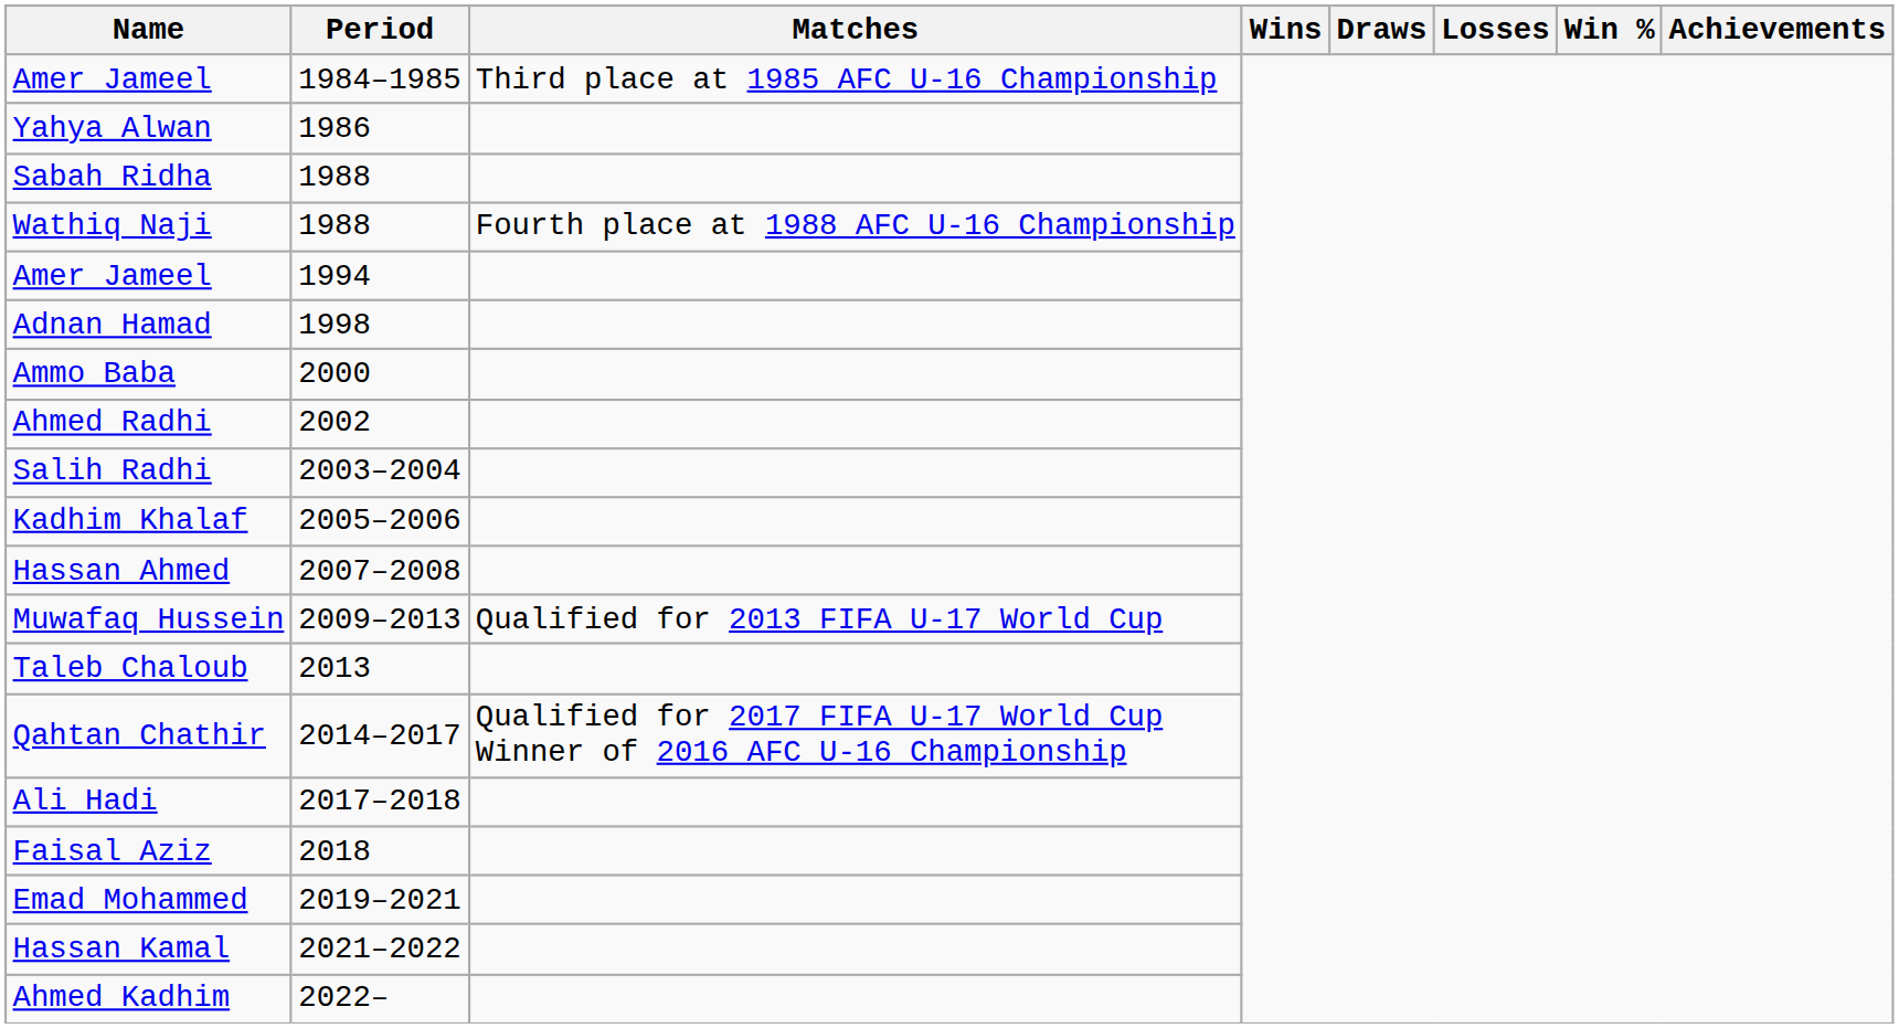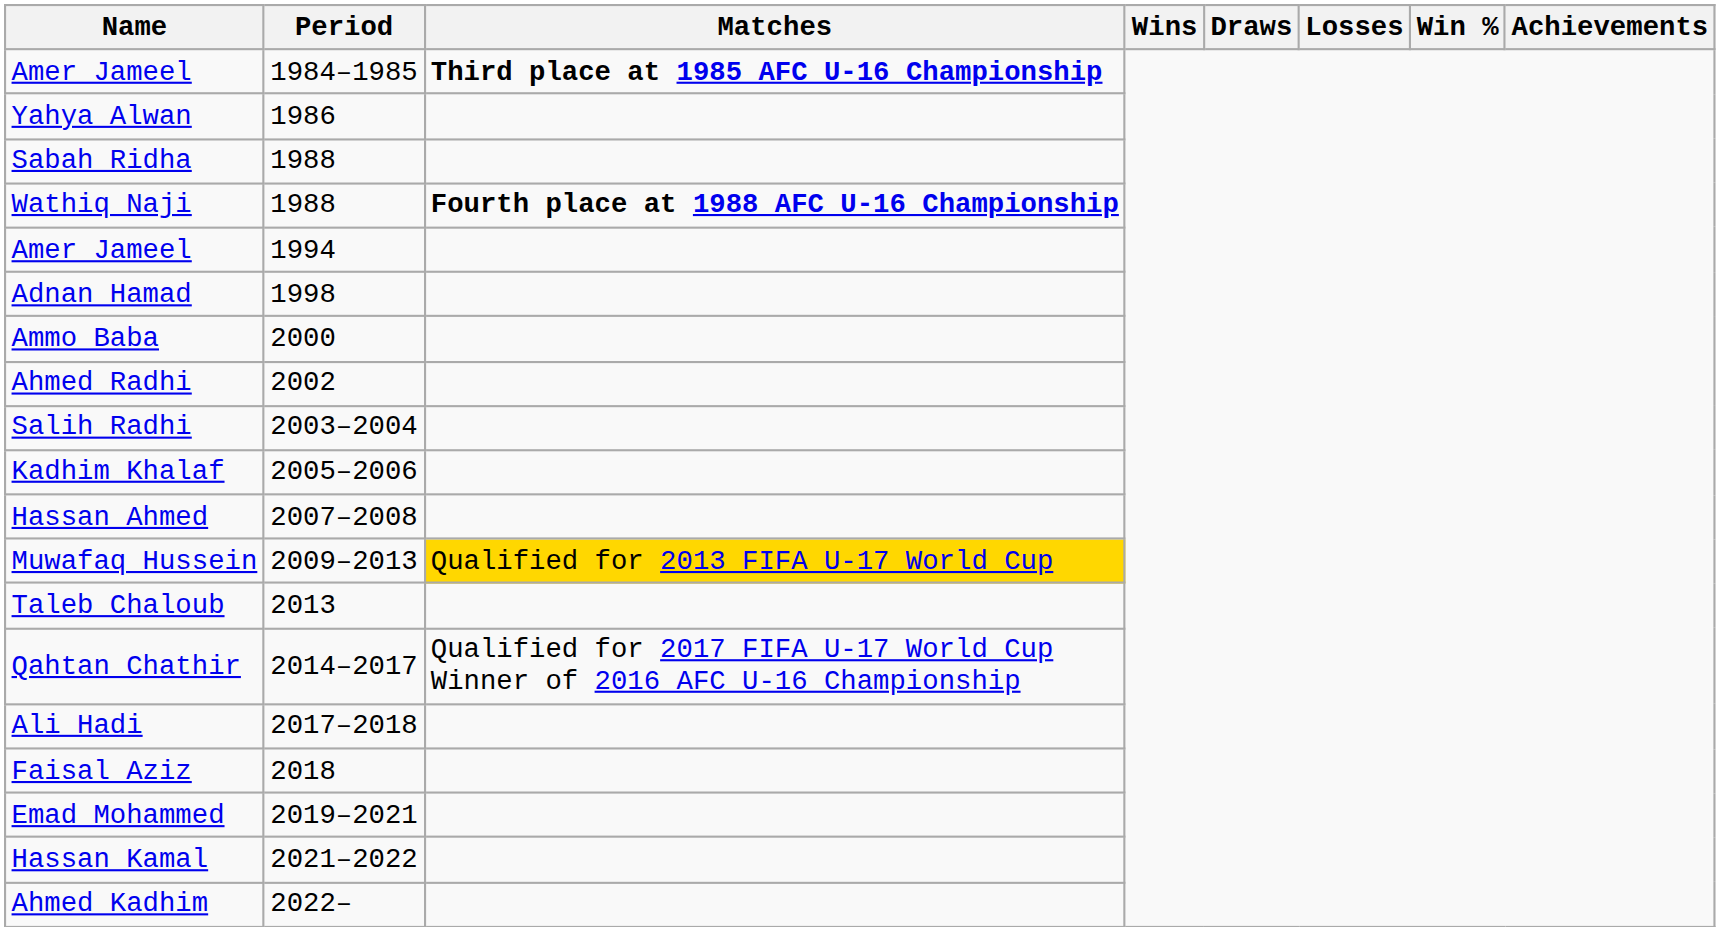 <table class="wikitable">
 <tr>
 <th>Name</th>
 <th>Period</th>
 <th>Matches</th>
 <th>Wins</th>
 <th>Draws</th>
 <th>Losses</th>
 <th>Win %</th>
 <th>Achievements</th>
 </tr>
 <tr>
 <td> <a href='#'>Amer Jameel</a></td>
 <td align="left">1984–1985<br></td>
-<td>Third place at <a href='#'>1985 AFC U-16 Championship</a></td>
+<td><strong>Third place at <a href='#'>1985 AFC U-16 Championship</a></strong></td>
 </tr>
 <tr>
 <td> <a href='#'>Yahya Alwan</a></td>
 <td align="left">1986<br></td>
 <td></td>
 </tr>
 <tr>
 <td> <a href='#'>Sabah Ridha</a></td>
 <td align="left">1988<br></td>
 <td></td>
 </tr>
 <tr>
 <td> <a href='#'>Wathiq Naji</a></td>
 <td align="left">1988<br></td>
-<td>Fourth place at <a href='#'>1988 AFC U-16 Championship</a></td>
+<td><strong>Fourth place at <a href='#'>1988 AFC U-16 Championship</a></strong></td>
 </tr>
 <tr>
 <td> <a href='#'>Amer Jameel</a></td>
 <td align="left">1994<br></td>
 <td></td>
 </tr>
 <tr>
 <td> <a href='#'>Adnan Hamad</a></td>
 <td align="left">1998<br></td>
 <td></td>
 </tr>
 <tr>
 <td> <a href='#'>Ammo Baba</a></td>
 <td align="left">2000<br></td>
 <td></td>
 </tr>
 <tr>
 <td> <a href='#'>Ahmed Radhi</a></td>
 <td align="left">2002<br></td>
 <td></td>
 </tr>
 <tr>
 <td> <a href='#'>Salih Radhi</a></td>
 <td align="left">2003–2004<br></td>
 <td></td>
 </tr>
 <tr>
 <td> <a href='#'>Kadhim Khalaf</a></td>
 <td align="left">2005–2006<br></td>
 <td></td>
 </tr>
 <tr>
 <td> <a href='#'>Hassan Ahmed</a></td>
 <td align="left">2007–2008<br></td>
 <td></td>
 </tr>
 <tr>
 <td> <a href='#'>Muwafaq Hussein</a></td>
 <td align="left">2009–2013<br></td>
-<td>Qualified for <a href='#'>2013 FIFA U-17 World Cup</a></td>
+<td style="background: gold;">Qualified for <a href='#'>2013 FIFA U-17 World Cup</a></td>
 </tr>
 <tr>
 <td> <a href='#'>Taleb Chaloub</a></td>
 <td align="left">2013<br></td>
 <td></td>
 </tr>
 <tr>
 <td> <a href='#'>Qahtan Chathir</a></td>
 <td align="left">2014–2017<br></td>
 <td>Qualified for <a href='#'>2017 FIFA U-17 World Cup</a> <br> Winner of <a href='#'>2016 AFC U-16 Championship</a></td>
 </tr>
 <tr>
 <td> <a href='#'>Ali Hadi</a></td>
 <td align="left">2017–2018<br></td>
 <td></td>
 </tr>
 <tr>
 <td> <a href='#'>Faisal Aziz</a></td>
 <td align="left">2018<br></td>
 <td></td>
 </tr>
 <tr>
 <td> <a href='#'>Emad Mohammed</a></td>
 <td align="left">2019–2021<br></td>
 <td></td>
 </tr>
 <tr>
 <td> <a href='#'>Hassan Kamal</a></td>
 <td align="left">2021–2022<br></td>
 <td></td>
 </tr>
 <tr>
 <td> <a href='#'>Ahmed Kadhim</a></td>
 <td align="left">2022–<br></td>
 <td></td>
 </tr>
 </table>
